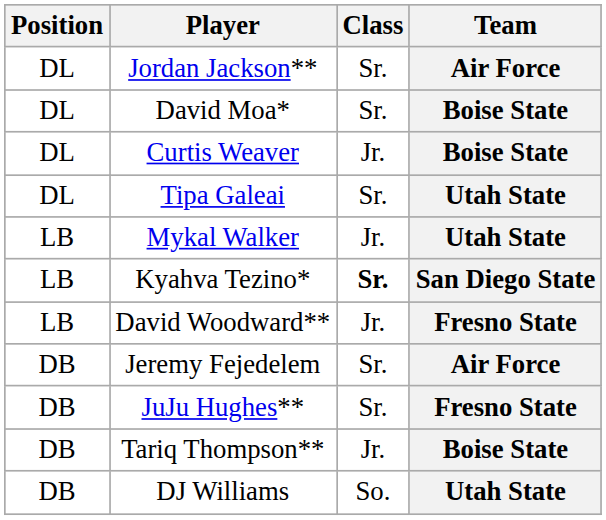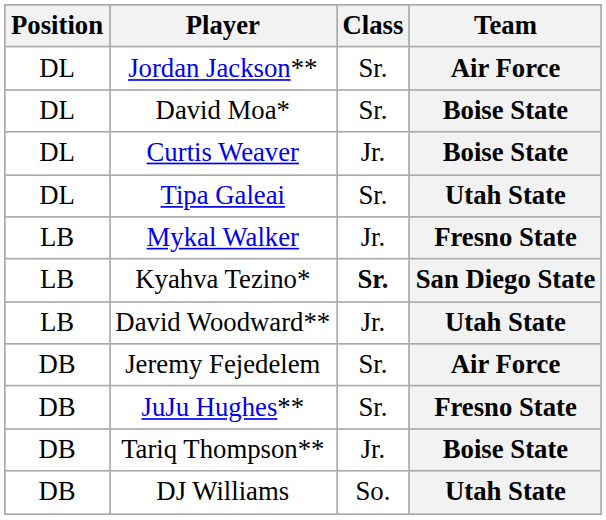 <table class="wikitable sortable">
 <tr>
 <th>Position</th>
 <th>Player</th>
 <th>Class</th>
 <th>Team</th>
 </tr>
 <tr style="text-align:center;">
 <td style="background:white">DL</td>
 <td style="background:white"><a href='#'>Jordan Jackson</a>**</td>
 <td style="background:white">Sr.</td>
 <th>Air Force</th>
 </tr>
 <tr style="text-align:center;">
 <td style="background:white">DL</td>
 <td style="background:white">David Moa*</td>
 <td style="background:white">Sr.</td>
 <th>Boise State</th>
 </tr>
 <tr style="text-align:center;">
 <td style="background:white">DL</td>
 <td style="background:white"><a href='#'>Curtis Weaver</a></td>
 <td style="background:white">Jr.</td>
 <th>Boise State</th>
 </tr>
 <tr style="text-align:center;">
 <td style="background:white">DL</td>
 <td style="background:white"><a href='#'>Tipa Galeai</a></td>
 <td style="background:white">Sr.</td>
 <th>Utah State</th>
 </tr>
 <tr style="text-align:center;">
 <td style="background:white">LB</td>
 <td style="background:white"><a href='#'>Mykal Walker</a></td>
 <td style="background:white">Jr.</td>
-<th>Utah State</th>
+<th>Fresno State</th>
 </tr>
 <tr style="text-align:center;">
 <td style="background:white">LB</td>
 <td style="background:white">Kyahva Tezino*</td>
 <td style="background:white"><strong>Sr.</strong></td>
 <th>San Diego State</th>
 </tr>
 <tr style="text-align:center;">
 <td style="background:white">LB</td>
 <td style="background:white">David Woodward**</td>
 <td style="background:white">Jr.</td>
-<th>Fresno State</th>
+<th>Utah State</th>
 </tr>
 <tr style="text-align:center;">
 <td style="background:white">DB</td>
 <td style="background:white">Jeremy Fejedelem</td>
 <td style="background:white">Sr.</td>
 <th>Air Force</th>
 </tr>
 <tr style="text-align:center;">
 <td style="background:white">DB</td>
 <td style="background:white"><a href='#'>JuJu Hughes</a>**</td>
 <td style="background:white">Sr.</td>
 <th>Fresno State</th>
 </tr>
 <tr style="text-align:center;">
 <td style="background:white">DB</td>
 <td style="background:white">Tariq Thompson**</td>
 <td style="background:white">Jr.</td>
 <th>Boise State</th>
 </tr>
 <tr style="text-align:center;">
 <td style="background:white">DB</td>
 <td style="background:white">DJ Williams</td>
 <td style="background:white">So.</td>
 <th>Utah State</th>
 </tr>
 </table>
